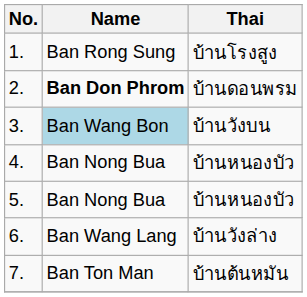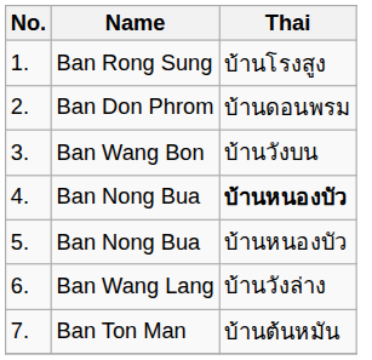 <table class="wikitable sortable">
 <tr>
 <th>No.</th>
 <th>Name</th>
 <th>Thai</th>
 </tr>
 <tr>
 <td>1.</td>
 <td>Ban Rong Sung</td>
 <td>บ้านโรงสูง</td>
 </tr>
 <tr>
 <td>2.</td>
-<td><strong>Ban Don Phrom</strong></td>
+<td>Ban Don Phrom</td>
 <td>บ้านดอนพรม</td>
 </tr>
 <tr>
 <td>3.</td>
-<td style="background: lightblue;">Ban Wang Bon</td>
+<td>Ban Wang Bon</td>
 <td>บ้านวังบน</td>
 </tr>
 <tr>
 <td>4.</td>
 <td>Ban Nong Bua</td>
-<td>บ้านหนองบัว</td>
+<td><strong>บ้านหนองบัว</strong></td>
 </tr>
 <tr>
 <td>5.</td>
 <td>Ban Nong Bua</td>
 <td>บ้านหนองบัว</td>
 </tr>
 <tr>
 <td>6.</td>
 <td>Ban Wang Lang</td>
 <td>บ้านวังล่าง</td>
 </tr>
 <tr>
 <td>7.</td>
 <td>Ban Ton Man</td>
 <td>บ้านต้นหมัน</td>
 </tr>
 <tr>
 </tr>
 </table>
